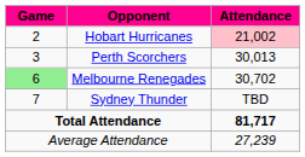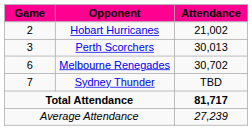 <table class="wikitable sortable" style="text-align:center; font-size:90%">
 <tr>
 <th style="width:60px; background:#FF0090; text-align:center;">Game</th>
 <th style="width:150px; background:#FF0090; text-align:center;" class="unsortable">Opponent</th>
 <th style="width:90px; background:#FF0090; text-align:center;">Attendance</th>
 </tr>
 <tr>
 <td>2</td>
 <td><a href='#'>Hobart Hurricanes</a></td>
-<td style="background: pink;">21,002</td>
+<td>21,002</td>
 </tr>
 <tr>
 <td>3</td>
 <td><a href='#'>Perth Scorchers</a></td>
 <td>30,013</td>
 </tr>
 <tr>
-<td style="background: lightgreen;">6</td>
+<td>6</td>
 <td><a href='#'>Melbourne Renegades</a></td>
 <td>30,702</td>
 </tr>
 <tr>
 <td>7</td>
 <td><a href='#'>Sydney Thunder</a></td>
 <td>TBD</td>
 </tr>
 <tr class="sortbottom">
 <td colspan="2"><strong>Total Attendance</strong></td>
 <td><strong>81,717</strong></td>
 </tr>
 <tr class="sortbottom">
 <td colspan="2"><em>Average Attendance</em></td>
 <td><em>27,239</em></td>
 </tr>
 </table>
